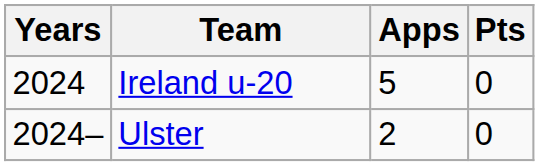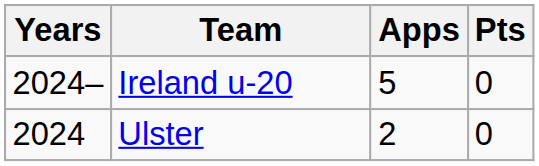 <table class="wikitable" style="text-align:left;">
 <tr>
 <th>Years</th>
 <th width=120px>Team</th>
 <th>Apps</th>
 <th>Pts</th>
 </tr>
 <tr>
-<td>2024</td>
+<td>2024–</td>
 <td><a href='#'>Ireland u-20</a></td>
 <td>5</td>
 <td>0</td>
 </tr>
 <tr>
-<td>2024–</td>
+<td>2024</td>
 <td><a href='#'>Ulster</a></td>
 <td>2</td>
 <td>0</td>
 </tr>
 </table>
